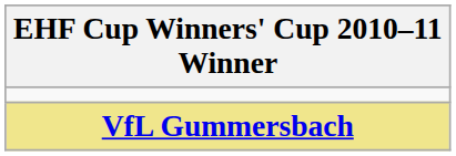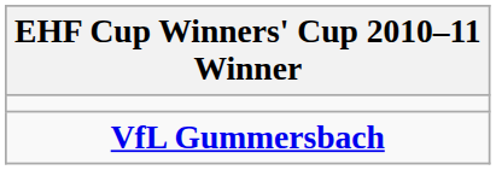 <table class="wikitable" style="text-align: center; margin: 0 auto;">
 <tr>
 <th>EHF Cup Winners' Cup 2010–11 <br> Winner</th>
 </tr>
 <tr>
 <td></td>
 </tr>
 <tr>
-<td style="background: khaki;"><strong><a href='#'>VfL Gummersbach</a></strong></td>
+<td><strong><a href='#'>VfL Gummersbach</a></strong></td>
 </tr>
 </table>
